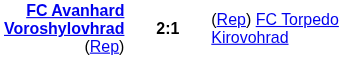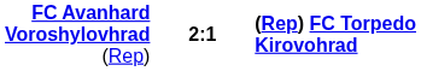 <table width=100% cellspacing=1>
 <tr>
 <th width=20%></th>
 <th width=12%></th>
 <th width=20%></th>
 <th></th>
 </tr>
 <tr style=font-size:90%>
 <td align=right><strong><a href='#'>FC Avanhard Voroshylovhrad</a></strong> (<a href='#'>Rep</a>)</td>
 <td align=center><strong>2:1</strong></td>
-<td>(<a href='#'>Rep</a>) <a href='#'>FC Torpedo Kirovohrad</a></td>
+<td><strong>(<a href='#'>Rep</a>) <a href='#'>FC Torpedo Kirovohrad</a></strong></td>
 <td></td>
 </tr>
 </table>
